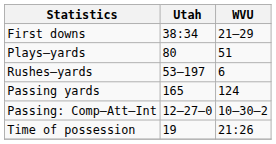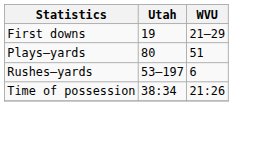 <table class="wikitable">
 <tr>
 <th>Statistics</th>
 <th>Utah</th>
 <th>WVU</th>
 </tr>
 <tr>
 <td>First downs</td>
-<td>38:34</td>
+<td>19</td>
 <td>21–29</td>
 </tr>
 <tr>
 <td>Plays–yards</td>
 <td>80</td>
 <td>51</td>
 </tr>
 <tr>
 <td>Rushes–yards</td>
 <td>53–197</td>
 <td>6</td>
 </tr>
 <tr>
-<td>Passing yards</td>
-<td>165</td>
-<td>124</td>
-</tr>
-<tr>
-<td>Passing: Comp–Att–Int</td>
-<td>12–27–0</td>
-<td>10–30–2</td>
-</tr>
-<tr>
 <td>Time of possession</td>
-<td>19</td>
+<td>38:34</td>
 <td>21:26</td>
 </tr>
 <tr>
 </tr>
 </table>
